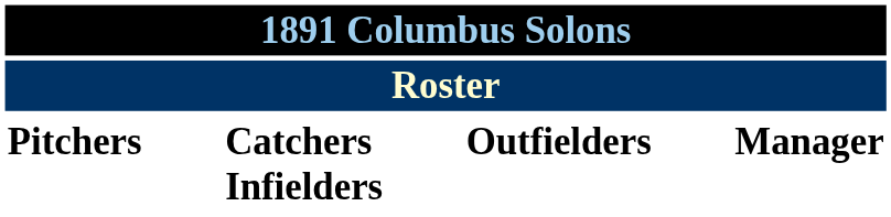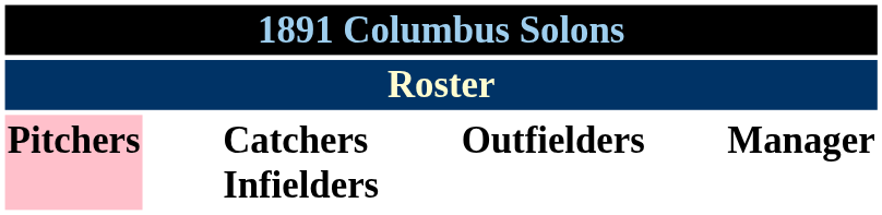 <table class="toccolours" style="font-size: 95%;">
 <tr>
 <th colspan="10" style="background:black; color:#9eceee; text-align:center;">1891 Columbus Solons</th>
 </tr>
 <tr>
 <td colspan="10" style="background:#036; color:#fffdd0; text-align:center;"><strong>Roster</strong></td>
 </tr>
 <tr>
-<td valign="top"><strong>Pitchers</strong><br>        </td>
+<td valign="top" style="background: pink;"><strong>Pitchers</strong><br>        </td>
 <td style="width:25px;"></td>
 <td valign="top"><strong>Catchers</strong><br>  <strong>Infielders</strong>       </td>
 <td style="width:25px;"></td>
 <td valign="top"><strong>Outfielders</strong><br>    </td>
 <td style="width:25px;"></td>
 <td valign="top"><strong>Manager</strong><br></td>
 </tr>
 </table>
